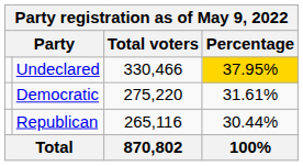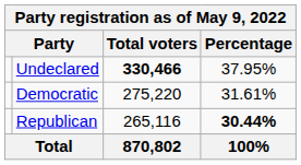 <table class=wikitable style="align:left">
 <tr>
 <th colspan = 6>Party registration as of May 9, 2022</th>
 </tr>
 <tr>
 <th colspan = 2>Party</th>
 <th>Total voters</th>
 <th>Percentage</th>
 </tr>
 <tr>
 <td></td>
 <td><a href='#'>Undeclared</a></td>
-<td align=center>330,466</td>
-<td align=center style="background: gold;">37.95%</td>
+<td align=center><strong>330,466</strong></td>
+<td align=center>37.95%</td>
 </tr>
 <tr>
 <td></td>
 <td><a href='#'>Democratic</a></td>
 <td align=center>275,220</td>
 <td align=center>31.61%</td>
 </tr>
 <tr>
 <td></td>
 <td><a href='#'>Republican</a></td>
 <td align=center>265,116</td>
-<td align=center>30.44%</td>
+<td align=center><strong>30.44%</strong></td>
 </tr>
 <tr>
 <th colspan = 2>Total</th>
 <th align=center>870,802</th>
 <th align=center>100%</th>
 </tr>
 </table>
